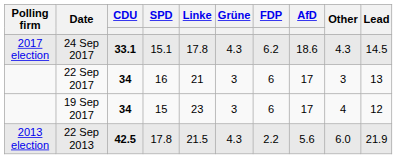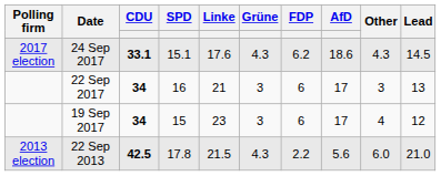 <table class="wikitable sortable" style="text-align:center; font-size:90%; line-height:16px;">
 <tr>
 <th style="width:60px;" rowspan="2">Polling firm</th>
 <th style="width:60px;" rowspan="2">Date</th>
 <th style="width:40px;" class="unsortable"><a href='#'>CDU</a></th>
 <th style="width:40px;" class="unsortable"><a href='#'>SPD</a></th>
 <th style="width:40px;" class="unsortable"><a href='#'>Linke</a></th>
 <th style="width:40px;" class="unsortable"><a href='#'>Grüne</a></th>
 <th style="width:40px;" class="unsortable"><a href='#'>FDP</a></th>
 <th style="width:40px;" class="unsortable"><a href='#'>AfD</a></th>
 <th style="width:40px;" rowspan="2" class="unsortable">Other</th>
 <th style="width:30px;" rowspan="2" class="unsortable">Lead</th>
 </tr>
 <tr>
 <th style="color:inherit;background:"></th>
 <th style="color:inherit;background:"></th>
 <th style="color:inherit;background:"></th>
 <th style="color:inherit;background:"></th>
 <th style="color:inherit;background:"></th>
 <th style="color:inherit;background:"></th>
 </tr>
 <tr style="background-color:#E9E9E9">
 <td><a href='#'>2017 election</a></td>
 <td>24 Sep 2017</td>
 <td><strong>33.1</strong></td>
 <td>15.1</td>
-<td>17.8</td>
+<td>17.6</td>
 <td>4.3</td>
 <td>6.2</td>
 <td>18.6</td>
 <td>4.3</td>
 <td style="background:">14.5</td>
 </tr>
 <tr>
 <td></td>
 <td>22 Sep 2017</td>
 <td><strong>34</strong></td>
 <td>16</td>
 <td>21</td>
 <td>3</td>
 <td>6</td>
 <td>17</td>
 <td>3</td>
 <td style="background:">13</td>
 </tr>
 <tr>
 <td></td>
 <td>19 Sep 2017</td>
 <td><strong>34</strong></td>
 <td>15</td>
 <td>23</td>
 <td>3</td>
 <td>6</td>
 <td>17</td>
 <td>4</td>
 <td style="background:">12</td>
 </tr>
 <tr style="background-color:#E9E9E9">
 <td><a href='#'>2013 election</a></td>
 <td>22 Sep 2013</td>
 <td><strong>42.5</strong></td>
 <td>17.8</td>
 <td>21.5</td>
 <td>4.3</td>
 <td>2.2</td>
 <td>5.6</td>
 <td>6.0</td>
-<td style="background:">21.9</td>
+<td style="background:">21.0</td>
 </tr>
 </table>
